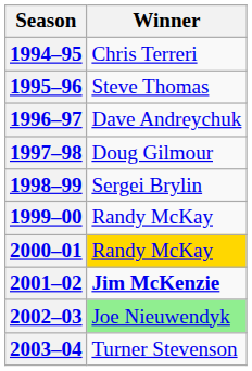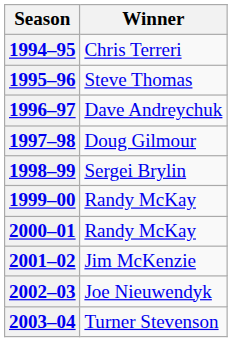 <table class="wikitable">
 <tr>
 <th scope="col">Season</th>
 <th scope="col">Winner</th>
 </tr>
 <tr>
 <th scope="row"><a href='#'>1994–95</a></th>
 <td><a href='#'>Chris Terreri</a></td>
 </tr>
 <tr>
 <th scope="row"><a href='#'>1995–96</a></th>
 <td><a href='#'>Steve Thomas</a></td>
 </tr>
 <tr>
 <th scope="row"><a href='#'>1996–97</a></th>
 <td><a href='#'>Dave Andreychuk</a></td>
 </tr>
 <tr>
 <th scope="row"><a href='#'>1997–98</a></th>
 <td><a href='#'>Doug Gilmour</a></td>
 </tr>
 <tr>
 <th scope="row"><a href='#'>1998–99</a></th>
 <td><a href='#'>Sergei Brylin</a></td>
 </tr>
 <tr>
 <th scope="row"><a href='#'>1999–00</a></th>
 <td><a href='#'>Randy McKay</a></td>
 </tr>
 <tr>
 <th scope="row"><a href='#'>2000–01</a></th>
-<td style="background: gold;"><a href='#'>Randy McKay</a></td>
+<td><a href='#'>Randy McKay</a></td>
 </tr>
 <tr>
 <th scope="row"><a href='#'>2001–02</a></th>
-<td><strong><a href='#'>Jim McKenzie</a></strong></td>
+<td><a href='#'>Jim McKenzie</a></td>
 </tr>
 <tr>
 <th scope="row"><a href='#'>2002–03</a></th>
-<td style="background: lightgreen;"><a href='#'>Joe Nieuwendyk</a></td>
+<td><a href='#'>Joe Nieuwendyk</a></td>
 </tr>
 <tr>
 <th scope="row"><a href='#'>2003–04</a></th>
 <td><a href='#'>Turner Stevenson</a></td>
 </tr>
 </table>
